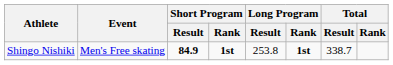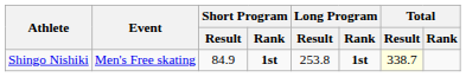 <table class="wikitable" border="1" style="font-size:90%">
 <tr>
 <th rowspan=2>Athlete</th>
 <th rowspan=2>Event</th>
 <th colspan=2>Short Program</th>
 <th colspan=2>Long Program</th>
 <th colspan=2>Total</th>
 </tr>
 <tr>
 <th>Result</th>
 <th>Rank</th>
 <th>Result</th>
 <th>Rank</th>
 <th>Result</th>
 <th>Rank</th>
 </tr>
 <tr>
 <td><a href='#'>Shingo Nishiki</a></td>
 <td><a href='#'>Men's Free skating</a></td>
-<td align=center><strong>84.9</strong></td>
+<td align=center>84.9</td>
 <td align=center><strong>1st</strong></td>
 <td align=center>253.8</td>
 <td align=center><strong>1st</strong></td>
-<td align=center>338.7</td>
+<td align=center style="background: lightyellow;">338.7</td>
 <td align=center></td>
 </tr>
 </table>
